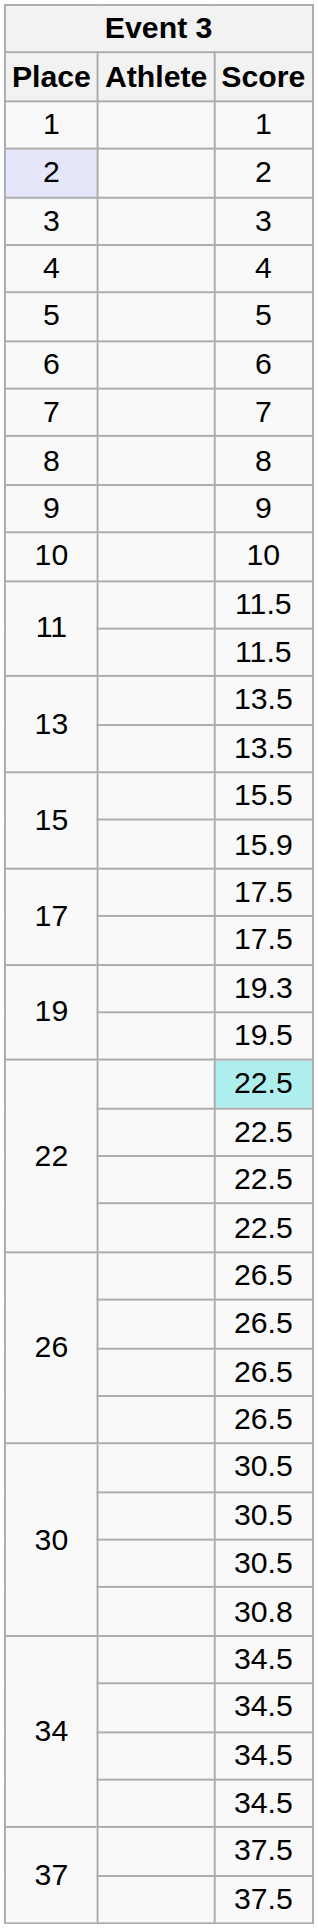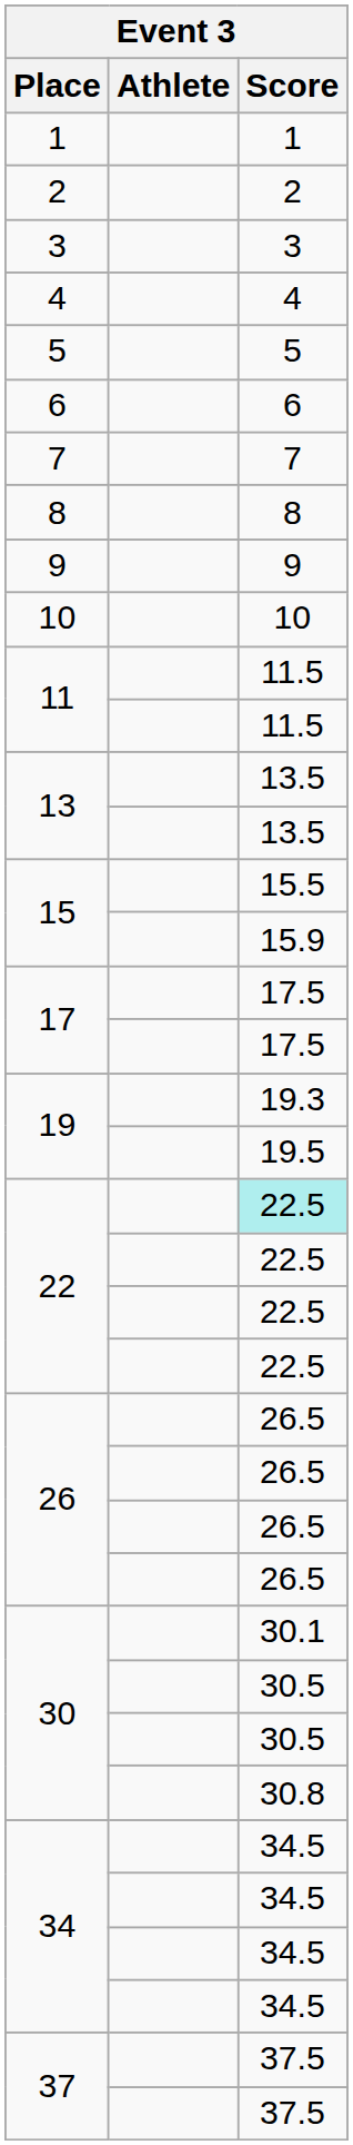 <table class=wikitable style="text-align:center">
 <tr>
 <th colspan=3><strong>Event 3</strong></th>
 </tr>
 <tr>
 <th>Place</th>
 <th>Athlete</th>
 <th>Score</th>
 </tr>
 <tr>
 <td>1</td>
 <td align=left></td>
 <td>1</td>
 </tr>
 <tr>
-<td style="background: lavender;">2</td>
+<td>2</td>
 <td align=left></td>
 <td>2</td>
 </tr>
 <tr>
 <td>3</td>
 <td align=left></td>
 <td>3</td>
 </tr>
 <tr>
 <td>4</td>
 <td align=left></td>
 <td>4</td>
 </tr>
 <tr>
 <td>5</td>
 <td align=left></td>
 <td>5</td>
 </tr>
 <tr>
 <td>6</td>
 <td align=left></td>
 <td>6</td>
 </tr>
 <tr>
 <td>7</td>
 <td align=left></td>
 <td>7</td>
 </tr>
 <tr>
 <td>8</td>
 <td align=left></td>
 <td>8</td>
 </tr>
 <tr>
 <td>9</td>
 <td align=left></td>
 <td>9</td>
 </tr>
 <tr>
 <td>10</td>
 <td align=left></td>
 <td>10</td>
 </tr>
 <tr>
 <td rowspan=2>11</td>
 <td align=left></td>
 <td>11.5</td>
 </tr>
 <tr>
 <td align=left></td>
 <td>11.5</td>
 </tr>
 <tr>
 <td rowspan=2>13</td>
 <td align=left></td>
 <td>13.5</td>
 </tr>
 <tr>
 <td align=left></td>
 <td>13.5</td>
 </tr>
 <tr>
 <td rowspan=2>15</td>
 <td align=left></td>
 <td>15.5</td>
 </tr>
 <tr>
 <td align=left></td>
 <td>15.9</td>
 </tr>
 <tr>
 <td rowspan=2>17</td>
 <td align=left></td>
 <td>17.5</td>
 </tr>
 <tr>
 <td align=left></td>
 <td>17.5</td>
 </tr>
 <tr>
 <td rowspan=2>19</td>
 <td align=left></td>
 <td>19.3</td>
 </tr>
 <tr>
 <td align=left></td>
 <td>19.5</td>
 </tr>
 <tr>
 <td rowspan=4>22</td>
 <td align=left></td>
 <td style="background: paleturquoise;">22.5</td>
 </tr>
 <tr>
 <td align=left></td>
 <td>22.5</td>
 </tr>
 <tr>
 <td align=left></td>
 <td>22.5</td>
 </tr>
 <tr>
 <td align=left></td>
 <td>22.5</td>
 </tr>
 <tr>
 <td rowspan=4>26</td>
 <td align=left></td>
 <td>26.5</td>
 </tr>
 <tr>
 <td align=left></td>
 <td>26.5</td>
 </tr>
 <tr>
 <td align=left></td>
 <td>26.5</td>
 </tr>
 <tr>
 <td align=left></td>
 <td>26.5</td>
 </tr>
 <tr>
 <td rowspan=4>30</td>
 <td align=left></td>
-<td>30.5</td>
+<td>30.1</td>
 </tr>
 <tr>
 <td align=left></td>
 <td>30.5</td>
 </tr>
 <tr>
 <td align=left></td>
 <td>30.5</td>
 </tr>
 <tr>
 <td align=left></td>
 <td>30.8</td>
 </tr>
 <tr>
 <td rowspan=4>34</td>
 <td align=left></td>
 <td>34.5</td>
 </tr>
 <tr>
 <td align=left></td>
 <td>34.5</td>
 </tr>
 <tr>
 <td align=left></td>
 <td>34.5</td>
 </tr>
 <tr>
 <td align=left></td>
 <td>34.5</td>
 </tr>
 <tr>
 <td rowspan=2>37</td>
 <td align=left></td>
 <td>37.5</td>
 </tr>
 <tr>
 <td align=left></td>
 <td>37.5</td>
 </tr>
 </table>
